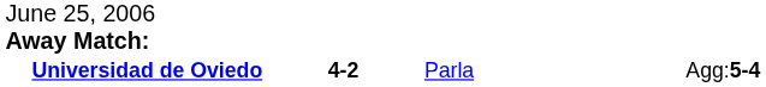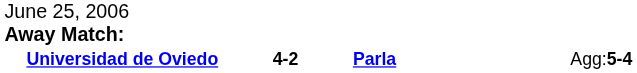 <table width=100% cellspacing=1>
 <tr>
 <th width=20%></th>
 <th width=12%></th>
 <th width=20%></th>
 <th></th>
 </tr>
 <tr>
 <td>June 25, 2006<br><strong>Away Match:</strong></td>
 </tr>
 <tr style=font-size:90%>
 <td align=right><strong><a href='#'>Universidad de Oviedo</a></strong></td>
 <td align=center><strong>4-2</strong></td>
-<td><a href='#'>Parla</a></td>
+<td><strong><a href='#'>Parla</a></strong></td>
 <td>Agg:<strong>5-4</strong></td>
 </tr>
 </table>
